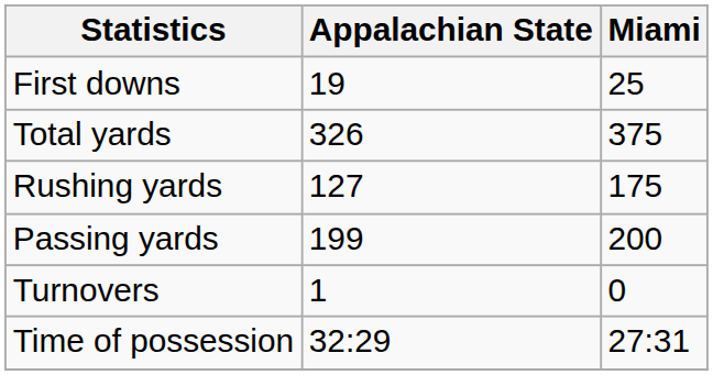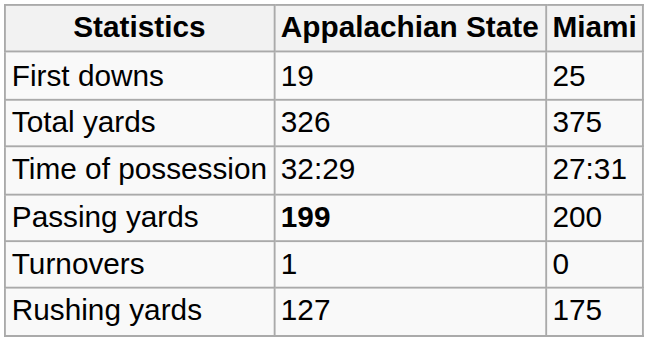 <table class="wikitable">
 <tr>
 <th>Statistics</th>
 <th>Appalachian State</th>
 <th>Miami</th>
 </tr>
 <tr>
 <td>First downs</td>
 <td>19</td>
 <td>25</td>
 </tr>
 <tr>
 <td>Total yards</td>
 <td>326</td>
 <td>375</td>
 </tr>
 <tr>
-<td>Rushing yards</td>
-<td>127</td>
-<td>175</td>
+<td>Time of possession</td>
+<td>32:29</td>
+<td>27:31</td>
 </tr>
 <tr>
 <td>Passing yards</td>
-<td>199</td>
+<td><strong>199</strong></td>
 <td>200</td>
 </tr>
 <tr>
 <td>Turnovers</td>
 <td>1</td>
 <td>0</td>
 </tr>
 <tr>
-<td>Time of possession</td>
-<td>32:29</td>
-<td>27:31</td>
+<td>Rushing yards</td>
+<td>127</td>
+<td>175</td>
 </tr>
 <tr>
 </tr>
 </table>
